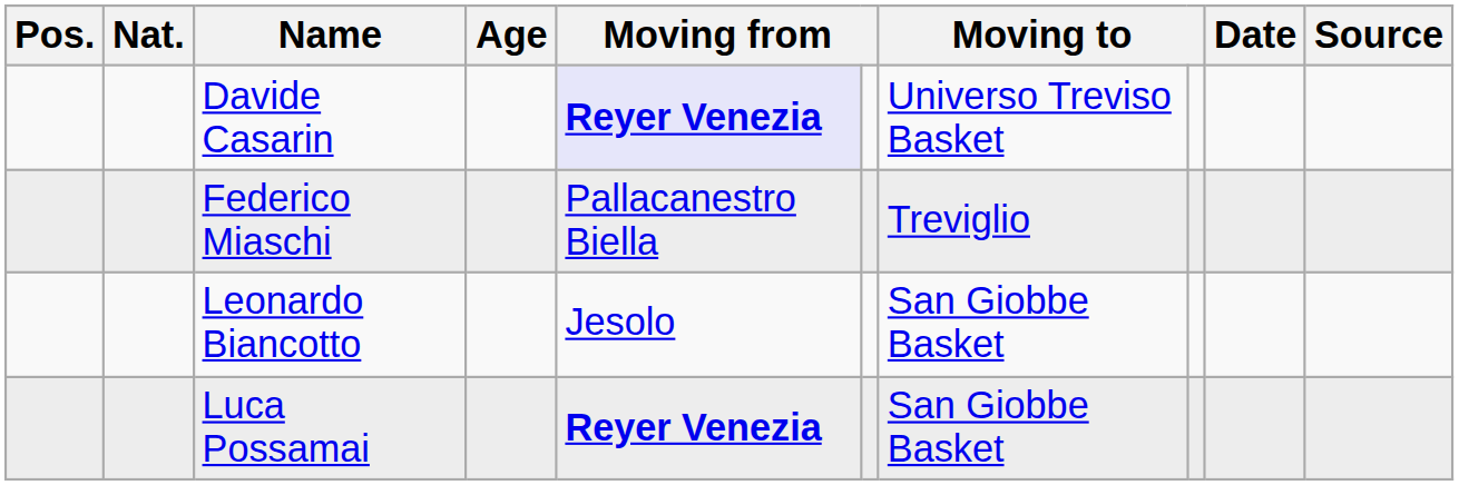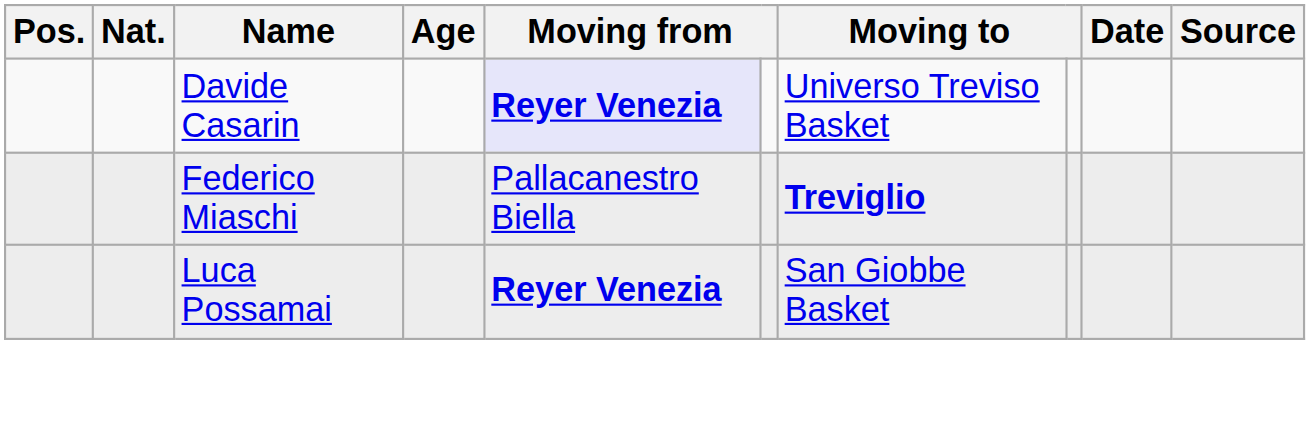 <table class="wikitable sortable">
 <tr>
 <th>Pos.</th>
 <th>Nat.</th>
 <th>Name</th>
 <th>Age</th>
 <th colspan=2>Moving from</th>
 <th colspan=2>Moving to</th>
 <th>Date</th>
 <th>Source</th>
 </tr>
 <tr>
 <td></td>
 <td></td>
 <td><a href='#'>Davide Casarin</a></td>
 <td></td>
 <td style="background: lavender;"><strong><a href='#'>Reyer Venezia</a></strong></td>
 <td></td>
 <td><a href='#'>Universo Treviso Basket</a></td>
 <td></td>
 <td></td>
 <td></td>
 </tr>
 <tr style="background-color: #ededed;">
 <td></td>
 <td></td>
 <td><a href='#'>Federico Miaschi</a></td>
 <td></td>
 <td><a href='#'>Pallacanestro Biella</a></td>
 <td></td>
-<td><a href='#'>Treviglio</a></td>
-<td></td>
-<td></td>
-<td></td>
-</tr>
-<tr>
-<td></td>
-<td></td>
-<td><a href='#'>Leonardo Biancotto</a></td>
-<td></td>
-<td><a href='#'>Jesolo</a></td>
-<td></td>
-<td><a href='#'>San Giobbe Basket</a></td>
+<td><strong><a href='#'>Treviglio</a></strong></td>
 <td></td>
 <td></td>
 <td></td>
 </tr>
 <tr style="background-color: #ededed;">
 <td></td>
 <td></td>
 <td><a href='#'>Luca Possamai</a></td>
 <td></td>
 <td><strong><a href='#'>Reyer Venezia</a></strong></td>
 <td></td>
 <td><a href='#'>San Giobbe Basket</a></td>
 <td></td>
 <td></td>
 <td></td>
 </tr>
 </table>
